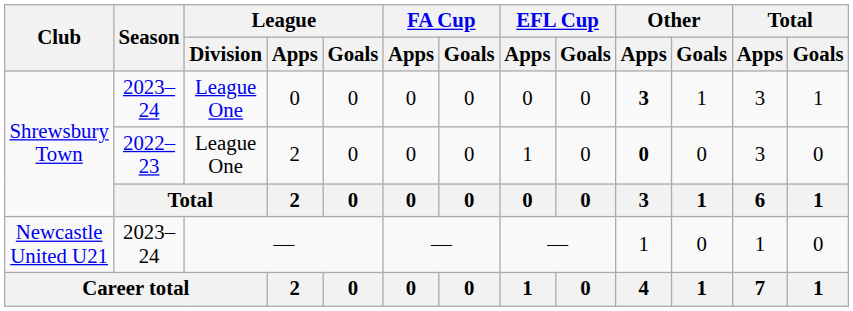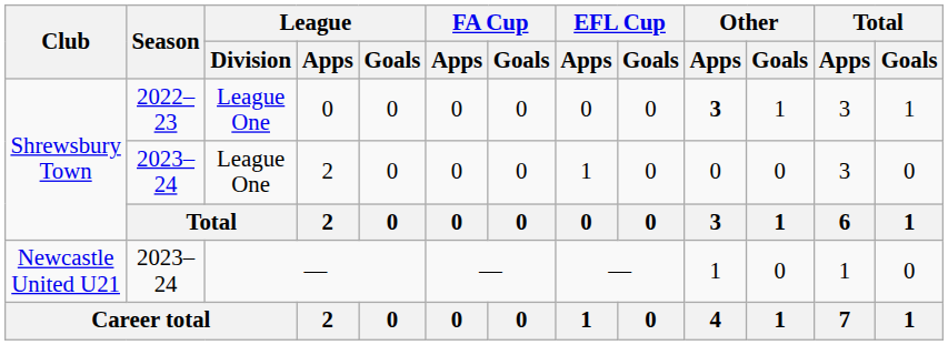 <table class="wikitable" style="text-align:center">
 <tr>
 <th rowspan="2">Club</th>
 <th rowspan="2">Season</th>
 <th colspan="3">League</th>
 <th colspan="2"><a href='#'>FA Cup</a></th>
 <th colspan="2"><a href='#'>EFL Cup</a></th>
 <th colspan="2">Other</th>
 <th colspan="2">Total</th>
 </tr>
 <tr>
 <th>Division</th>
 <th>Apps</th>
 <th>Goals</th>
 <th>Apps</th>
 <th>Goals</th>
 <th>Apps</th>
 <th>Goals</th>
 <th>Apps</th>
 <th>Goals</th>
 <th>Apps</th>
 <th>Goals</th>
 </tr>
 <tr>
 <td rowspan=3><a href='#'>Shrewsbury Town</a></td>
-<td><a href='#'>2023–24</a></td>
+<td><a href='#'>2022–23</a></td>
 <td><a href='#'>League One</a></td>
 <td>0</td>
 <td>0</td>
 <td>0</td>
 <td>0</td>
 <td>0</td>
 <td>0</td>
 <td><strong>3</strong></td>
 <td>1</td>
 <td>3</td>
 <td>1</td>
 </tr>
 <tr>
-<td><a href='#'>2022–23</a></td>
+<td><a href='#'>2023–24</a></td>
 <td>League One</td>
 <td>2</td>
 <td>0</td>
 <td>0</td>
 <td>0</td>
 <td>1</td>
 <td>0</td>
-<td><strong>0</strong></td>
+<td>0</td>
 <td>0</td>
 <td>3</td>
 <td>0</td>
 </tr>
 <tr>
 <th colspan=2>Total</th>
 <th>2</th>
 <th>0</th>
 <th>0</th>
 <th>0</th>
 <th>0</th>
 <th>0</th>
 <th>3</th>
 <th>1</th>
 <th>6</th>
 <th>1</th>
 </tr>
 <tr>
 <td><a href='#'>Newcastle United U21</a></td>
 <td>2023–24</td>
 <td colspan=3>—</td>
 <td colspan=2>—</td>
 <td colspan=2>—</td>
 <td>1</td>
 <td>0</td>
 <td>1</td>
 <td>0</td>
 </tr>
 <tr>
 <th colspan="3">Career total</th>
 <th>2</th>
 <th>0</th>
 <th>0</th>
 <th>0</th>
 <th>1</th>
 <th>0</th>
 <th>4</th>
 <th>1</th>
 <th>7</th>
 <th>1</th>
 </tr>
 </table>
